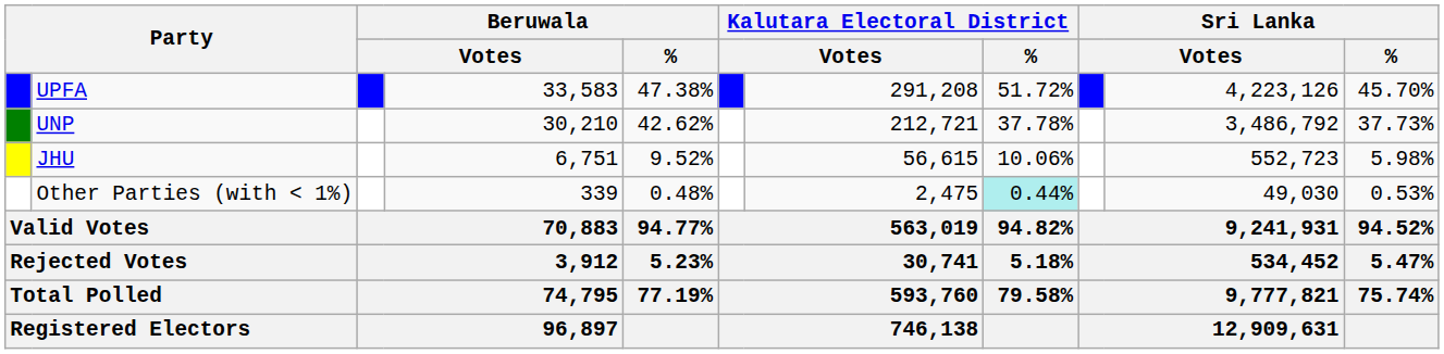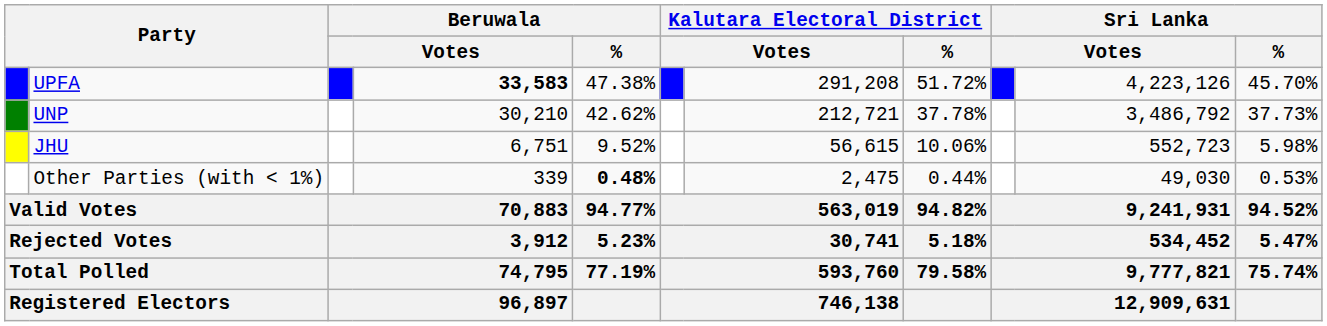 <table class="wikitable">
 <tr>
 <th colspan="2" width="144px"rowspan="2">Party</th>
 <th colspan="3" width="216px">Beruwala</th>
 <th colspan="3" width="216px"><a href='#'>Kalutara Electoral District</a></th>
 <th colspan="3" width="216px">Sri Lanka</th>
 </tr>
 <tr>
 <th colspan="2" width="144px">Votes</th>
 <th>%</th>
 <th colspan="2" width="144px">Votes</th>
 <th>%</th>
 <th colspan="2" width="144px">Votes</th>
 <th>%</th>
 </tr>
 <tr>
 <td style="background-color:blue;" width="10px"></td>
 <td style="text-align:left;"><a href='#'>UPFA</a></td>
 <td style="background-color:blue;" width="10px"></td>
-<td style="text-align:right;">33,583</td>
+<td style="text-align:right;"><strong>33,583</strong></td>
 <td style="text-align:right;">47.38%</td>
 <td style="background-color:blue;" width="10px"></td>
 <td style="text-align:right;">291,208</td>
 <td style="text-align:right;">51.72%</td>
 <td style="background-color:blue;" width="10px"></td>
 <td style="text-align:right;">4,223,126</td>
 <td style="text-align:right;">45.70%</td>
 </tr>
 <tr>
 <td style="background-color:green;" width="10px"></td>
 <td style="text-align:left;"><a href='#'>UNP</a></td>
 <td style="background-color:white;" width="10px"></td>
 <td style="text-align:right;">30,210</td>
 <td style="text-align:right;">42.62%</td>
 <td style="background-color:white;" width="10px"></td>
 <td style="text-align:right;">212,721</td>
 <td style="text-align:right;">37.78%</td>
 <td style="background-color:white;" width="10px"></td>
 <td style="text-align:right;">3,486,792</td>
 <td style="text-align:right;">37.73%</td>
 </tr>
 <tr>
 <td style="background-color:yellow;" width="10px"></td>
 <td style="text-align:left;"><a href='#'>JHU</a></td>
 <td style="background-color:white;" width="10px"></td>
 <td style="text-align:right;">6,751</td>
 <td style="text-align:right;">9.52%</td>
 <td style="background-color:white;" width="10px"></td>
 <td style="text-align:right;">56,615</td>
 <td style="text-align:right;">10.06%</td>
 <td style="background-color:white;" width="10px"></td>
 <td style="text-align:right;">552,723</td>
 <td style="text-align:right;">5.98%</td>
 </tr>
 <tr>
 <td style="background-color:white;" width="10px"></td>
 <td style="text-align:left;">Other Parties (with < 1%)</td>
 <td style="background-color:white;" width="10px"></td>
 <td style="text-align:right;">339</td>
-<td style="text-align:right;">0.48%</td>
+<td style="text-align:right;"><strong>0.48%</strong></td>
 <td style="background-color:white;" width="10px"></td>
 <td style="text-align:right;">2,475</td>
-<td style="background: paleturquoise; text-align:right;">0.44%</td>
+<td style="text-align:right;">0.44%</td>
 <td style="background-color:white;" width="10px"></td>
 <td style="text-align:right;">49,030</td>
 <td style="text-align:right;">0.53%</td>
 </tr>
 <tr>
 <th colspan="2" width="144px"style="text-align:left;">Valid Votes</th>
 <th style="text-align:right;"colspan="2" width="144px">70,883</th>
 <th style="text-align:right;">94.77%</th>
 <th style="text-align:right;"colspan="2" width="144px">563,019</th>
 <th style="text-align:right;">94.82%</th>
 <th style="text-align:right;"colspan="2" width="144px">9,241,931</th>
 <th style="text-align:right;">94.52%</th>
 </tr>
 <tr>
 <th colspan="2" width="144px"style="text-align:left;">Rejected Votes</th>
 <th style="text-align:right;"colspan="2" width="144px">3,912</th>
 <th style="text-align:right;">5.23%</th>
 <th style="text-align:right;"colspan="2" width="144px">30,741</th>
 <th style="text-align:right;">5.18%</th>
 <th style="text-align:right;"colspan="2" width="144px">534,452</th>
 <th style="text-align:right;">5.47%</th>
 </tr>
 <tr>
 <th colspan="2" width="144px"style="text-align:left;">Total Polled</th>
 <th style="text-align:right;"colspan="2" width="144px">74,795</th>
 <th style="text-align:right;">77.19%</th>
 <th style="text-align:right;"colspan="2" width="144px">593,760</th>
 <th style="text-align:right;">79.58%</th>
 <th style="text-align:right;"colspan="2" width="144px">9,777,821</th>
 <th style="text-align:right;">75.74%</th>
 </tr>
 <tr>
 <th colspan="2" width="144px"style="text-align:left;">Registered Electors</th>
 <th style="text-align:right;"colspan="2" width="144px">96,897</th>
 <th></th>
 <th style="text-align:right;"colspan="2" width="144px">746,138</th>
 <th></th>
 <th style="text-align:right;"colspan="2" width="144px">12,909,631</th>
 <th></th>
 </tr>
 </table>
